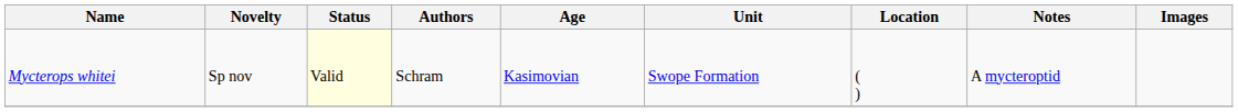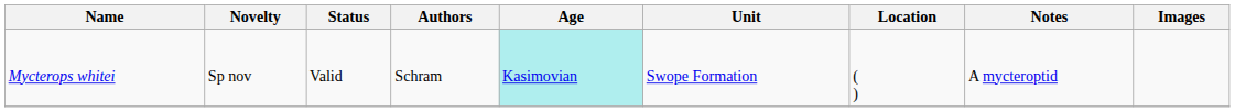 <table class="wikitable sortable" align="center" width="100%">
 <tr>
 <th>Name</th>
 <th>Novelty</th>
 <th>Status</th>
 <th>Authors</th>
 <th>Age</th>
 <th>Unit</th>
 <th>Location</th>
 <th>Notes</th>
 <th>Images</th>
 </tr>
 <tr>
 <td><br><em><a href='#'>Mycterops whitei</a></em></td>
 <td><br>Sp nov</td>
-<td style="background: lightyellow;"><br>Valid</td>
+<td><br>Valid</td>
 <td><br>Schram</td>
-<td><br><a href='#'>Kasimovian</a></td>
+<td style="background: paleturquoise;"><br><a href='#'>Kasimovian</a></td>
 <td><br><a href='#'>Swope Formation</a></td>
 <td><br><br>(<br>)</td>
 <td><br>A <a href='#'>mycteroptid</a></td>
 <td></td>
 </tr>
 <tr>
 </tr>
 </table>
